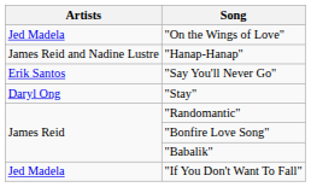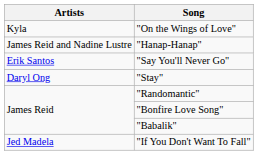 <table class="wikitable">
 <tr>
 <th>Artists</th>
 <th>Song</th>
 </tr>
 <tr>
-<td><a href='#'>Jed Madela</a></td>
+<td>Kyla</td>
 <td rowspan="2">"On the Wings of Love"</td>
 </tr>
 <tr>
 <td rowspan="2">James Reid and Nadine Lustre</td>
 </tr>
 <tr>
 <td>"Hanap-Hanap"</td>
 </tr>
 <tr>
 <td><a href='#'>Erik Santos</a></td>
 <td>"Say You'll Never Go"</td>
 </tr>
 <tr>
 <td><a href='#'>Daryl Ong</a></td>
 <td>"Stay"</td>
 </tr>
 <tr>
 <td rowspan="3">James Reid</td>
 <td>"Randomantic"</td>
 </tr>
 <tr>
 <td>"Bonfire Love Song"</td>
 </tr>
 <tr>
 <td>"Babalik"</td>
 </tr>
 <tr>
 <td><a href='#'>Jed Madela</a></td>
 <td>"If You Don't Want To Fall"</td>
 </tr>
 </table>
